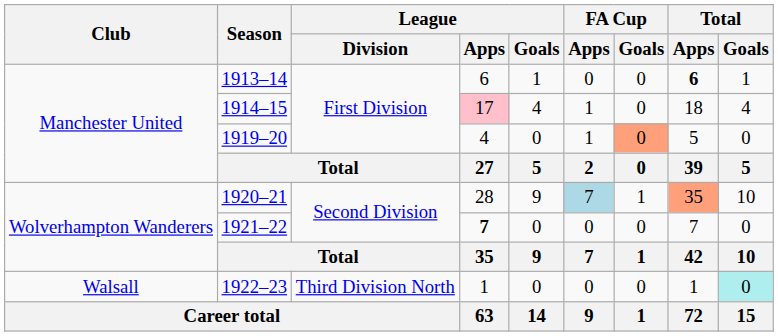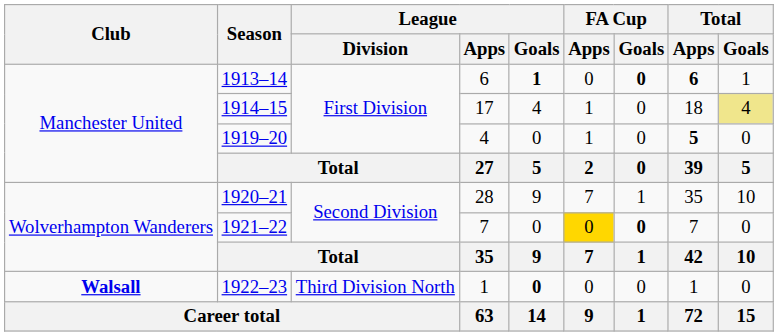 <table class="wikitable" style="text-align:center">
 <tr>
 <th rowspan="2">Club</th>
 <th rowspan="2">Season</th>
 <th colspan="3">League</th>
 <th colspan="2">FA Cup</th>
 <th colspan="2">Total</th>
 </tr>
 <tr>
 <th>Division</th>
 <th>Apps</th>
 <th>Goals</th>
 <th>Apps</th>
 <th>Goals</th>
 <th>Apps</th>
 <th>Goals</th>
 </tr>
 <tr>
 <td rowspan="4"><a href='#'>Manchester United</a></td>
 <td><a href='#'>1913–14</a></td>
 <td rowspan="3"><a href='#'>First Division</a></td>
 <td>6</td>
-<td>1</td>
+<td><strong>1</strong></td>
 <td>0</td>
-<td>0</td>
+<td><strong>0</strong></td>
 <td><strong>6</strong></td>
 <td>1</td>
 </tr>
 <tr>
 <td><a href='#'>1914–15</a></td>
-<td style="background: pink;">17</td>
+<td>17</td>
 <td>4</td>
 <td>1</td>
 <td>0</td>
 <td>18</td>
-<td>4</td>
+<td style="background: khaki;">4</td>
 </tr>
 <tr>
 <td><a href='#'>1919–20</a></td>
 <td>4</td>
 <td>0</td>
 <td>1</td>
-<td style="background: lightsalmon;">0</td>
-<td>5</td>
+<td>0</td>
+<td><strong>5</strong></td>
 <td>0</td>
 </tr>
 <tr>
 <th colspan="2">Total</th>
 <th>27</th>
 <th>5</th>
 <th>2</th>
 <th>0</th>
 <th>39</th>
 <th>5</th>
 </tr>
 <tr>
 <td rowspan="3"><a href='#'>Wolverhampton Wanderers</a></td>
 <td><a href='#'>1920–21</a></td>
 <td rowspan="2"><a href='#'>Second Division</a></td>
 <td>28</td>
 <td>9</td>
-<td style="background: lightblue;">7</td>
+<td>7</td>
 <td>1</td>
-<td style="background: lightsalmon;">35</td>
+<td>35</td>
 <td>10</td>
 </tr>
 <tr>
 <td><a href='#'>1921–22</a></td>
-<td><strong>7</strong></td>
+<td>7</td>
 <td>0</td>
-<td>0</td>
-<td>0</td>
+<td style="background: gold;">0</td>
+<td><strong>0</strong></td>
 <td>7</td>
 <td>0</td>
 </tr>
 <tr>
 <th colspan="2">Total</th>
 <th>35</th>
 <th>9</th>
 <th>7</th>
 <th>1</th>
 <th>42</th>
 <th>10</th>
 </tr>
 <tr>
-<td><a href='#'>Walsall</a></td>
+<td><strong><a href='#'>Walsall</a></strong></td>
 <td><a href='#'>1922–23</a></td>
 <td><a href='#'>Third Division North</a></td>
 <td>1</td>
-<td>0</td>
+<td><strong>0</strong></td>
 <td>0</td>
 <td>0</td>
 <td>1</td>
-<td style="background: paleturquoise;">0</td>
+<td>0</td>
 </tr>
 <tr>
 <th colspan="3">Career total</th>
 <th>63</th>
 <th>14</th>
 <th>9</th>
 <th>1</th>
 <th>72</th>
 <th>15</th>
 </tr>
 </table>
